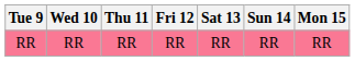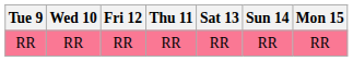 <table class="wikitable" style="margin:0.5em auto; font-size:90%; line-height:1.25em; text-align:center">
 <tr>
 <th>Tue 9</th>
 <th>Wed 10</th>
+<th>Fri 12</th>
 <th>Thu 11</th>
-<th>Fri 12</th>
 <th>Sat 13</th>
 <th>Sun 14</th>
 <th>Mon 15</th>
 </tr>
 <tr>
 <td bgcolor="#FA7894">RR</td>
 <td bgcolor="#FA7894">RR</td>
 <td bgcolor="#FA7894">RR</td>
 <td bgcolor="#FA7894">RR</td>
 <td bgcolor="#FA7894">RR</td>
 <td bgcolor="#FA7894">RR</td>
 <td bgcolor="#FA7894">RR</td>
 </tr>
 </table>
